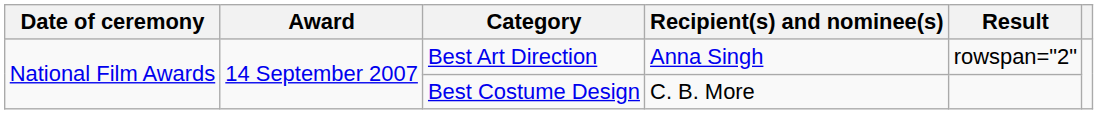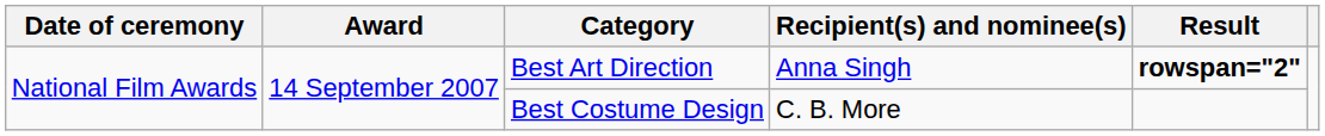 <table class="wikitable sortable">
 <tr>
 <th>Date of ceremony</th>
 <th>Award</th>
 <th>Category</th>
 <th>Recipient(s) and nominee(s)</th>
 <th scope="col" class="unsortable">Result</th>
 <th scope="col" class="unsortable"></th>
 </tr>
 <tr>
 <td rowspan="2"><a href='#'>National Film Awards</a></td>
 <td rowspan="2"><a href='#'>14 September 2007</a></td>
 <td><a href='#'>Best Art Direction</a></td>
 <td><a href='#'>Anna Singh</a></td>
-<td>rowspan="2" </td>
+<td><strong>rowspan="2" </strong></td>
 <td rowspan="2"></td>
 </tr>
 <tr>
 <td><a href='#'>Best Costume Design</a></td>
 <td>C. B. More</td>
 </tr>
 </table>
